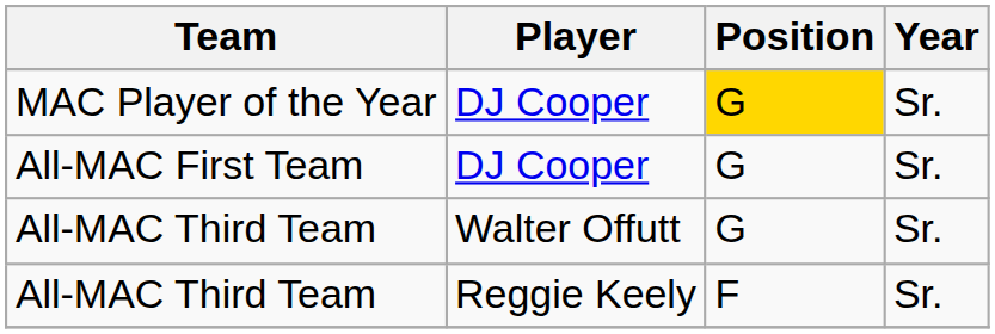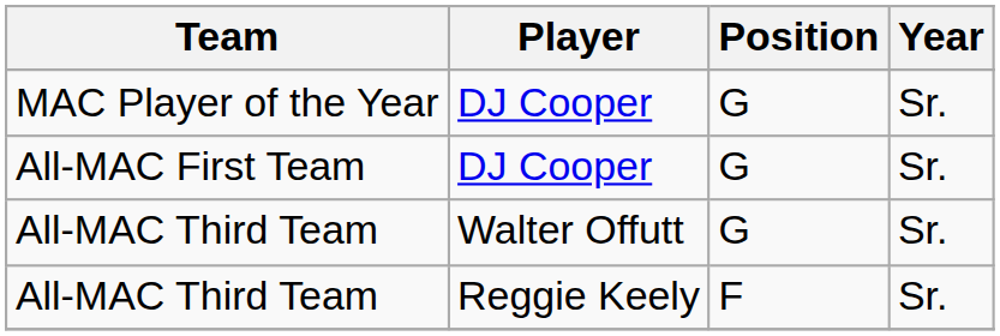 <table class="wikitable" border="1">
 <tr align=center>
 <th style= >Team</th>
 <th style= >Player</th>
 <th style= >Position</th>
 <th style= >Year</th>
 </tr>
 <tr align="center">
 </tr>
 <tr>
 <td>MAC Player of the Year</td>
 <td><a href='#'>DJ Cooper</a></td>
-<td style="background: gold;">G</td>
+<td>G</td>
 <td>Sr.</td>
 </tr>
 <tr>
 <td>All-MAC First Team</td>
 <td><a href='#'>DJ Cooper</a></td>
 <td>G</td>
 <td>Sr.</td>
 </tr>
 <tr>
 <td>All-MAC Third Team</td>
 <td>Walter Offutt</td>
 <td>G</td>
 <td>Sr.</td>
 </tr>
 <tr>
 <td>All-MAC Third Team</td>
 <td>Reggie Keely</td>
 <td>F</td>
 <td>Sr.</td>
 </tr>
 <tr>
 </tr>
 </table>
